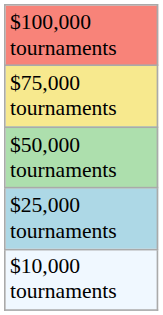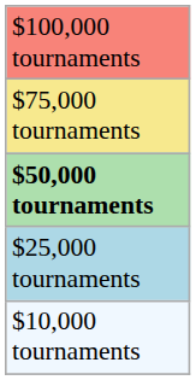 <table class="wikitable" style="font-size:85%;" width=11%>
 <tr style="background:#f88379;">
 <td>$100,000 tournaments</td>
 </tr>
 <tr style="background:#f7e98e;">
 <td>$75,000 tournaments</td>
 </tr>
 <tr style="background:#addfad;">
-<td>$50,000 tournaments</td>
+<td><strong>$50,000 tournaments</strong></td>
 </tr>
 <tr style="background:lightblue;">
 <td>$25,000 tournaments</td>
 </tr>
 <tr style="background:#f0f8ff;">
 <td>$10,000 tournaments</td>
 </tr>
 </table>
